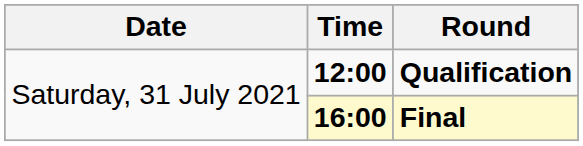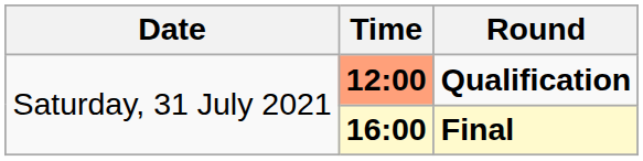 <table class="wikitable">
 <tr>
 <th>Date</th>
 <th>Time</th>
 <th>Round</th>
 </tr>
 <tr>
 <td rowspan=2>Saturday, 31 July 2021</td>
-<td><strong>12:00</strong></td>
+<td style="background: lightsalmon;"><strong>12:00</strong></td>
 <td><strong>Qualification</strong></td>
 </tr>
 <tr style=background:lemonchiffon>
 <td><strong>16:00</strong></td>
 <td><strong>Final</strong></td>
 </tr>
 </table>
